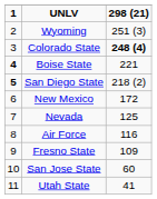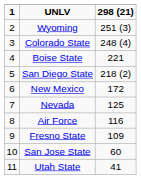 <table class="wikitable">
 <tr align=center>
 </tr>
 <tr align="center">
 <td><strong>1</strong></td>
 <td><strong>UNLV</strong></td>
 <td><strong>298 (21)</strong></td>
 </tr>
 <tr align="center">
 <td>2</td>
 <td><a href='#'>Wyoming</a></td>
 <td>251 (3)</td>
 </tr>
 <tr align="center">
 <td>3</td>
 <td><a href='#'>Colorado State</a></td>
-<td><strong>248 (4)</strong></td>
+<td>248 (4)</td>
 </tr>
 <tr align="center">
-<td><strong>4</strong></td>
+<td>4</td>
 <td><a href='#'>Boise State</a></td>
 <td>221</td>
 </tr>
 <tr align="center">
-<td><strong>5</strong></td>
+<td>5</td>
 <td><a href='#'>San Diego State</a></td>
 <td>218 (2)</td>
 </tr>
 <tr align="center">
 <td>6</td>
 <td><a href='#'>New Mexico</a></td>
 <td>172</td>
 </tr>
 <tr align="center">
 <td>7</td>
 <td><a href='#'>Nevada</a></td>
 <td>125</td>
 </tr>
 <tr align="center">
 <td>8</td>
 <td><a href='#'>Air Force</a></td>
 <td>116</td>
 </tr>
 <tr align="center">
 <td>9</td>
 <td><a href='#'>Fresno State</a></td>
 <td>109</td>
 </tr>
 <tr align="center">
 <td>10</td>
 <td><a href='#'>San Jose State</a></td>
 <td>60</td>
 </tr>
 <tr align="center">
 <td>11</td>
 <td><a href='#'>Utah State</a></td>
 <td>41</td>
 </tr>
 </table>
